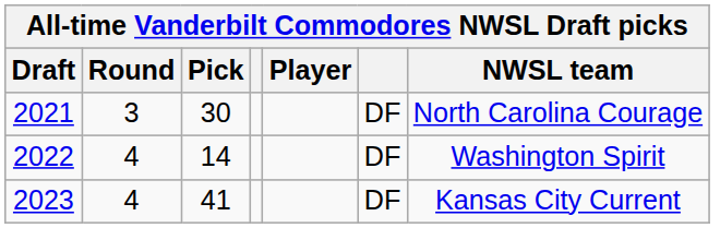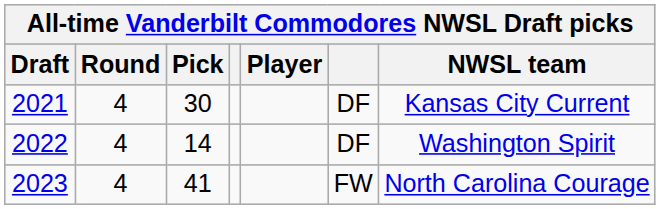 <table class="wikitable sortable" style="text-align: center;">
 <tr>
 <th colspan="7" style="background:#">All-time <a href='#'><span>Vanderbilt Commodores</span></a> NWSL Draft picks</th>
 </tr>
 <tr>
 <th scope="col">Draft</th>
 <th scope="col">Round</th>
 <th scope="col">Pick</th>
 <th scope="col"></th>
 <th scope="col">Player</th>
 <th scope="col"></th>
 <th scope="col">NWSL team</th>
 </tr>
 <tr>
 <td><a href='#'>2021</a></td>
-<td>3</td>
+<td>4</td>
 <td>30</td>
 <td></td>
 <td></td>
 <td>DF</td>
-<td><a href='#'>North Carolina Courage</a></td>
+<td><a href='#'>Kansas City Current</a></td>
 </tr>
 <tr>
 <td><a href='#'>2022</a></td>
 <td>4</td>
 <td>14</td>
 <td></td>
 <td></td>
 <td>DF</td>
 <td><a href='#'>Washington Spirit</a></td>
 </tr>
 <tr>
 <td><a href='#'>2023</a></td>
 <td>4</td>
 <td>41</td>
 <td></td>
 <td></td>
-<td>DF</td>
-<td><a href='#'>Kansas City Current</a></td>
+<td>FW</td>
+<td><a href='#'>North Carolina Courage</a></td>
 </tr>
 </table>
